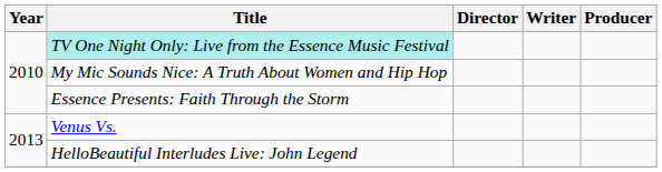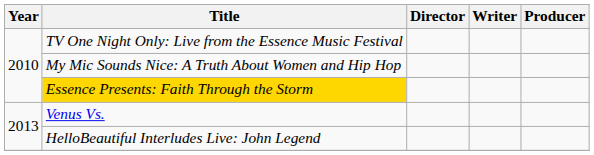 <table class="wikitable">
 <tr>
 <th>Year</th>
 <th>Title</th>
 <th>Director</th>
 <th>Writer</th>
 <th>Producer</th>
 </tr>
 <tr>
 <td rowspan=3>2010</td>
-<td style="background: paleturquoise;"><em>TV One Night Only: Live from the Essence Music Festival</em></td>
+<td><em>TV One Night Only: Live from the Essence Music Festival</em></td>
 <td></td>
 <td></td>
 <td></td>
 </tr>
 <tr>
 <td><em>My Mic Sounds Nice: A Truth About Women and Hip Hop</em></td>
 <td></td>
 <td></td>
 <td></td>
 </tr>
 <tr>
-<td><em>Essence Presents: Faith Through the Storm</em></td>
+<td style="background: gold;"><em>Essence Presents: Faith Through the Storm</em></td>
 <td></td>
 <td></td>
 <td></td>
 </tr>
 <tr>
 <td rowspan=2>2013</td>
 <td><em><a href='#'>Venus Vs.</a></em></td>
 <td></td>
 <td></td>
 <td></td>
 </tr>
 <tr>
 <td><em>HelloBeautiful Interludes Live: John Legend</em></td>
 <td></td>
 <td></td>
 <td></td>
 </tr>
 <tr>
 </tr>
 </table>
